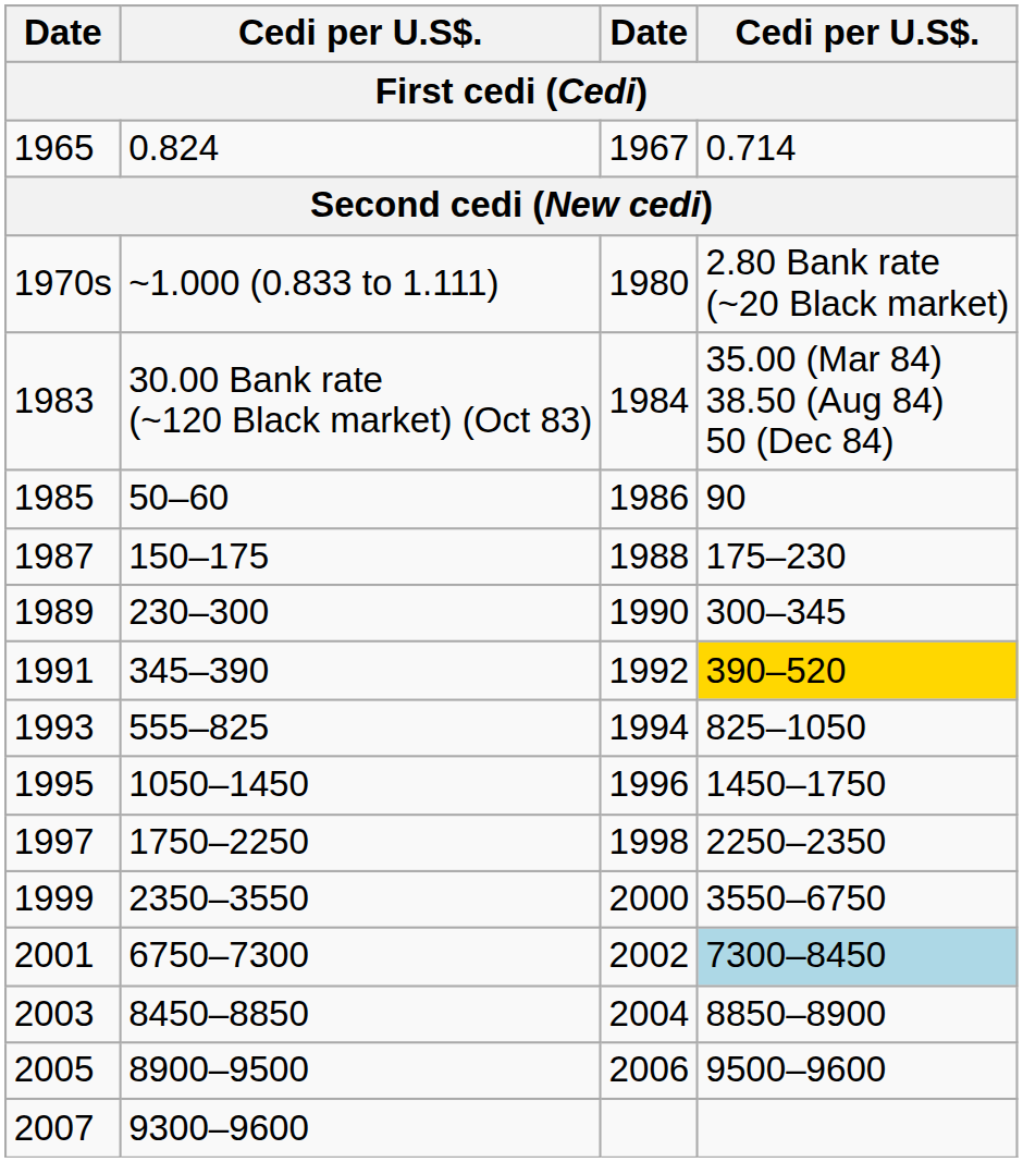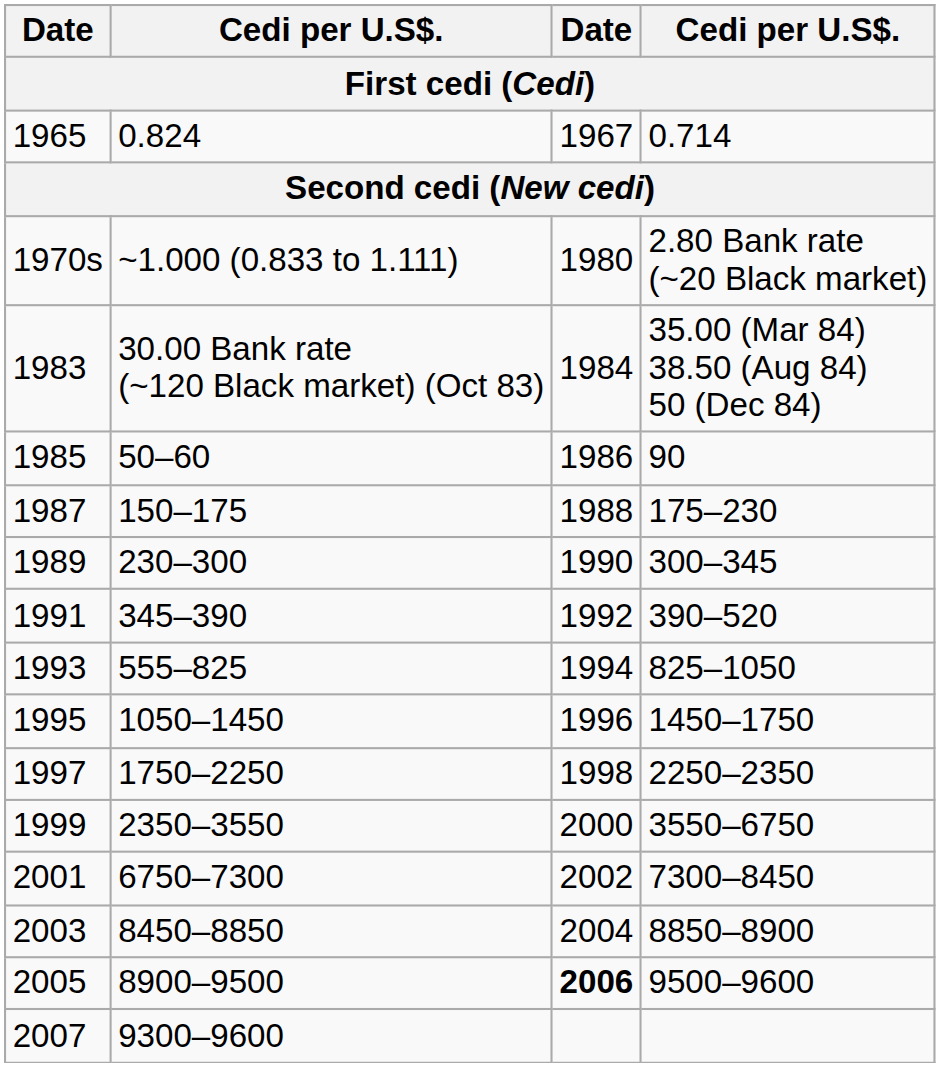 <table class="wikitable">
 <tr>
 <th>Date</th>
 <th>Cedi per U.S$.</th>
 <th>Date</th>
 <th>Cedi per U.S$.</th>
 </tr>
 <tr>
 <th colspan=4>First cedi (<em>Cedi</em>)</th>
 </tr>
 <tr>
 <td>1965</td>
 <td>0.824</td>
 <td>1967</td>
 <td>0.714</td>
 </tr>
 <tr>
 <th colspan=4 align="center">Second cedi (<em>New cedi</em>)</th>
 </tr>
 <tr>
 <td>1970s</td>
 <td>~1.000 (0.833 to 1.111)</td>
 <td>1980</td>
 <td>2.80 Bank rate<br>(~20 Black market)</td>
 </tr>
 <tr>
 <td>1983</td>
 <td>30.00 Bank rate<br>(~120 Black market) (Oct 83)</td>
 <td>1984</td>
 <td>35.00 (Mar 84)<br>38.50 (Aug 84)<br>50 (Dec 84)</td>
 </tr>
 <tr>
 <td>1985</td>
 <td>50–60</td>
 <td>1986</td>
 <td>90</td>
 </tr>
 <tr>
 <td>1987</td>
 <td>150–175</td>
 <td>1988</td>
 <td>175–230</td>
 </tr>
 <tr>
 <td>1989</td>
 <td>230–300</td>
 <td>1990</td>
 <td>300–345</td>
 </tr>
 <tr>
 <td>1991</td>
 <td>345–390</td>
 <td>1992</td>
-<td style="background: gold;">390–520</td>
+<td>390–520</td>
 </tr>
 <tr>
 <td>1993</td>
 <td>555–825</td>
 <td>1994</td>
 <td>825–1050</td>
 </tr>
 <tr>
 <td>1995</td>
 <td>1050–1450</td>
 <td>1996</td>
 <td>1450–1750</td>
 </tr>
 <tr>
 <td>1997</td>
 <td>1750–2250</td>
 <td>1998</td>
 <td>2250–2350</td>
 </tr>
 <tr>
 <td>1999</td>
 <td>2350–3550</td>
 <td>2000</td>
 <td>3550–6750</td>
 </tr>
 <tr>
 <td>2001</td>
 <td>6750–7300</td>
 <td>2002</td>
-<td style="background: lightblue;">7300–8450</td>
+<td>7300–8450</td>
 </tr>
 <tr>
 <td>2003</td>
 <td>8450–8850</td>
 <td>2004</td>
 <td>8850–8900</td>
 </tr>
 <tr>
 <td>2005</td>
 <td>8900–9500</td>
-<td>2006</td>
+<td><strong>2006</strong></td>
 <td>9500–9600</td>
 </tr>
 <tr>
 <td>2007</td>
 <td>9300–9600</td>
 <td></td>
 <td></td>
 </tr>
 </table>
